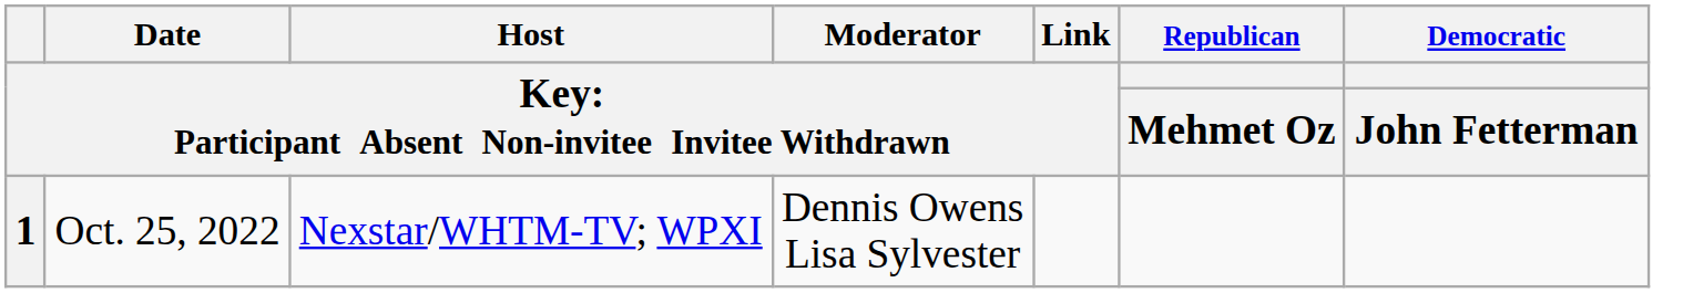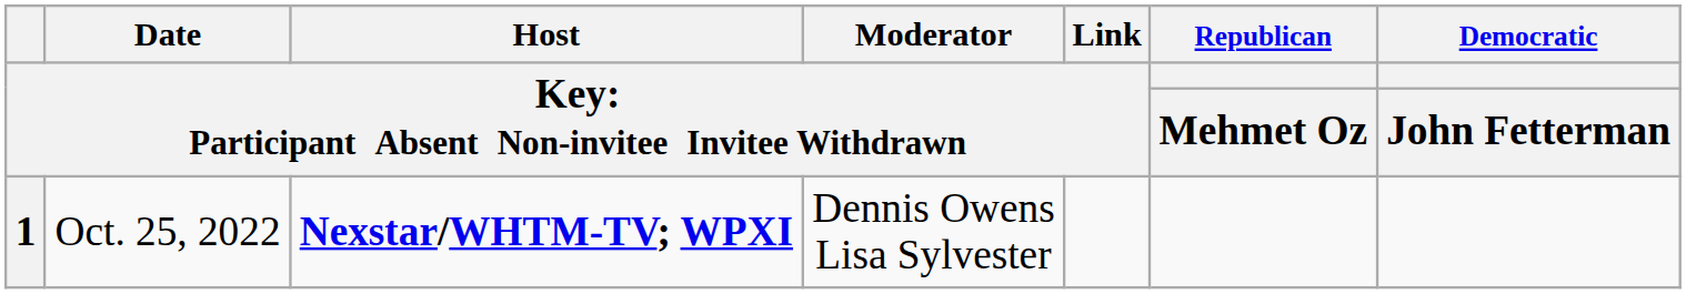 <table class="wikitable" style="text-align:center;">
 <tr style="font-size:small;">
 <th scope="col"></th>
 <th scope="col">Date</th>
 <th scope="col">Host</th>
 <th scope="col">Moderator</th>
 <th scope="col">Link</th>
 <th scope="col"><small><a href='#'>Republican</a></small></th>
 <th scope="col"><small><a href='#'>Democratic</a></small></th>
 </tr>
 <tr>
 <th colspan="5" rowspan="2">Key:<br> <small>Participant </small>  <small>Absent </small>  <small>Non-invitee </small>  <small>Invitee  Withdrawn</small></th>
 <th scope="col" style="background:"></th>
 <th scope="col" style="background:"></th>
 </tr>
 <tr>
 <th scope="col">Mehmet Oz</th>
 <th scope="col">John Fetterman</th>
 </tr>
 <tr>
 <th scope="row">1</th>
 <td style="white-space:nowrap;">Oct. 25, 2022</td>
-<td style="white-space:nowrap;"><a href='#'>Nexstar</a>/<a href='#'>WHTM-TV</a>; <a href='#'>WPXI</a></td>
+<td style="white-space:nowrap;"><strong><a href='#'>Nexstar</a>/<a href='#'>WHTM-TV</a>; <a href='#'>WPXI</a></strong></td>
 <td style="white-space:nowrap;">Dennis Owens<br>Lisa Sylvester</td>
 <td style="white-space:nowrap;"></td>
 <td></td>
 <td></td>
 </tr>
 </table>
